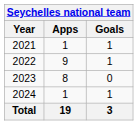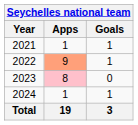 <table class="wikitable" style="text-align:center">
 <tr>
 <th colspan=3><a href='#'>Seychelles national team</a></th>
 </tr>
 <tr>
 <th>Year</th>
 <th>Apps</th>
 <th>Goals</th>
 </tr>
 <tr>
 <td>2021</td>
 <td>1</td>
 <td>1</td>
 </tr>
 <tr>
 <td>2022</td>
-<td>9</td>
+<td style="background: lightsalmon;">9</td>
 <td>1</td>
 </tr>
 <tr>
 <td>2023</td>
-<td>8</td>
+<td style="background: pink;">8</td>
 <td>0</td>
 </tr>
 <tr>
 <td>2024</td>
 <td>1</td>
 <td>1</td>
 </tr>
 <tr>
 <th>Total</th>
 <th>19</th>
 <th>3</th>
 </tr>
 </table>
